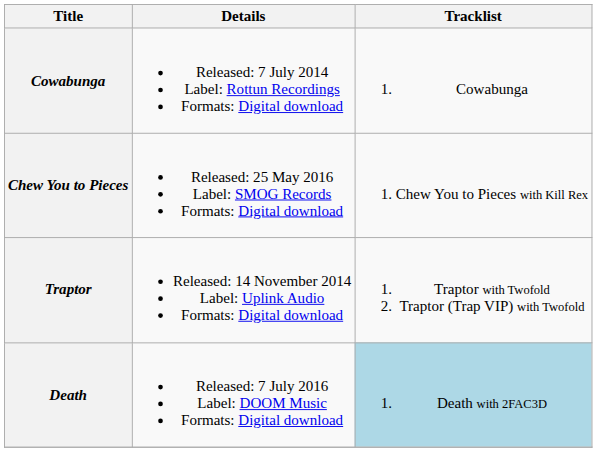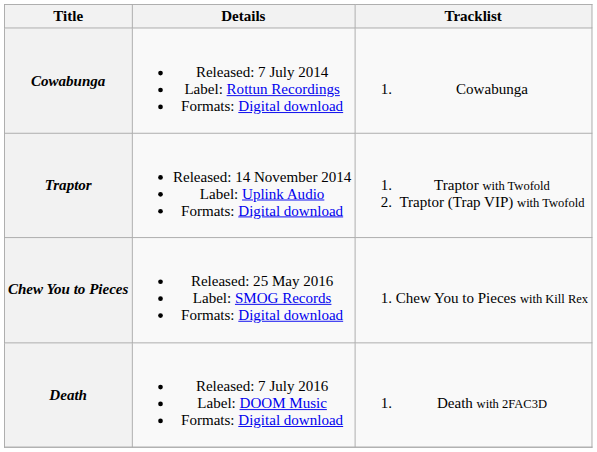 <table class="wikitable plainrowheaders" style="text-align:center;">
 <tr>
 <th scope="col">Title</th>
 <th scope="col">Details</th>
 <th scope="col">Tracklist</th>
 </tr>
 <tr>
 <th scope="row"><em>Cowabunga</em></th>
 <td><br><ul><li>Released: 7 July 2014</li><li>Label: <a href='#'>Rottun Recordings</a></li><li>Formats: <a href='#'>Digital download</a></li></ul></td>
 <td><br><ol><li>Cowabunga</li></ol></td>
 </tr>
 <tr>
+<th scope="row"><em>Traptor</em></th>
+<td><br><ul><li>Released: 14 November 2014</li><li>Label: <a href='#'>Uplink Audio</a></li><li>Formats: <a href='#'>Digital download</a></li></ul></td>
+<td><br><ol><li>Traptor <small>with Twofold</small></li><li>Traptor (Trap VIP) <small>with Twofold</small></li></ol></td>
+</tr>
+<tr>
 <th scope="row"><em>Chew You to Pieces</em></th>
 <td><br><ul><li>Released: 25 May 2016</li><li>Label: <a href='#'>SMOG Records</a></li><li>Formats: <a href='#'>Digital download</a></li></ul></td>
 <td><br><ol><li>Chew You to Pieces <small>with Kill Rex</small></li></ol></td>
 </tr>
 <tr>
-<th scope="row"><em>Traptor</em></th>
-<td><br><ul><li>Released: 14 November 2014</li><li>Label: <a href='#'>Uplink Audio</a></li><li>Formats: <a href='#'>Digital download</a></li></ul></td>
-<td><br><ol><li>Traptor <small>with Twofold</small></li><li>Traptor (Trap VIP) <small>with Twofold</small></li></ol></td>
-</tr>
-<tr>
 <th scope="row"><em>Death</em></th>
 <td><br><ul><li>Released: 7 July 2016</li><li>Label: <a href='#'>DOOM Music</a></li><li>Formats: <a href='#'>Digital download</a></li></ul></td>
-<td style="background: lightblue;"><br><ol><li>Death <small>with 2FAC3D</small></li></ol></td>
+<td><br><ol><li>Death <small>with 2FAC3D</small></li></ol></td>
 </tr>
 <tr>
 </tr>
 </table>
